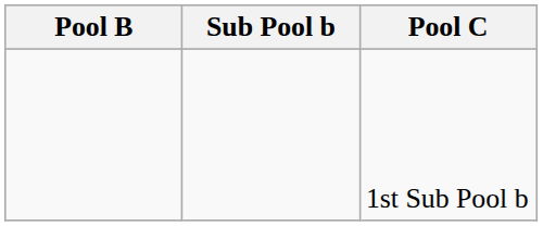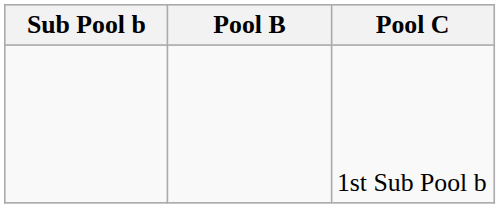 <table class="wikitable">
 <tr>
+<th width=33%>Sub Pool b</th>
 <th width=33%>Pool B</th>
-<th width=33%>Sub Pool b</th>
 <th width=33%>Pool C</th>
 </tr>
 <tr>
+<td valign=top><br><br> </td>
 <td><br><br> <br> <br> </td>
-<td valign=top><br><br> </td>
 <td><br><br> <br> <br> 1st Sub Pool b</td>
 </tr>
 </table>
